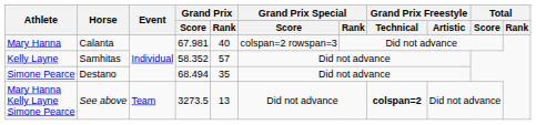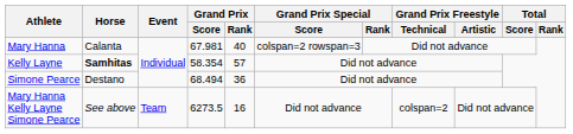 <table class=wikitable style=font-size:90%;text-align:center>
 <tr>
 <th rowspan=2>Athlete</th>
 <th rowspan=2>Horse</th>
 <th rowspan=2>Event</th>
 <th colspan=2>Grand Prix</th>
 <th colspan=2>Grand Prix Special</th>
 <th colspan=2>Grand Prix Freestyle</th>
 <th colspan=2>Total</th>
 </tr>
 <tr style=font-size:95%>
 <th>Score</th>
 <th>Rank</th>
 <th>Score</th>
 <th>Rank</th>
 <th>Technical</th>
 <th>Artistic</th>
 <th>Score</th>
 <th>Rank</th>
 </tr>
 <tr>
 <td align=left><a href='#'>Mary Hanna</a></td>
 <td align=left>Calanta</td>
 <td rowspan=3 align=left><a href='#'>Individual</a></td>
 <td>67.981</td>
 <td>40</td>
 <td>colspan=2 rowspan=3 </td>
 <td colspan="4">Did not advance</td>
 </tr>
 <tr>
 <td align=left><a href='#'>Kelly Layne</a></td>
-<td align=left>Samhitas</td>
-<td>58.352</td>
+<td align=left><strong>Samhitas</strong></td>
+<td>58.354</td>
 <td>57</td>
 <td colspan="4">Did not advance</td>
 </tr>
 <tr>
 <td align=left><a href='#'>Simone Pearce</a></td>
 <td align=left>Destano</td>
 <td>68.494</td>
-<td>35</td>
+<td>36</td>
 <td colspan="4">Did not advance</td>
 </tr>
 <tr>
 <td align=left><a href='#'>Mary Hanna</a><br><a href='#'>Kelly Layne</a><br><a href='#'>Simone Pearce</a></td>
 <td align=left><em>See above</em></td>
 <td align=left><a href='#'>Team</a></td>
-<td>3273.5</td>
-<td>13</td>
+<td>6273.5</td>
+<td>16</td>
 <td colspan="2">Did not advance</td>
-<td><strong>colspan=2 </strong></td>
+<td>colspan=2 </td>
 <td colspan="2">Did not advance</td>
 </tr>
 </table>
